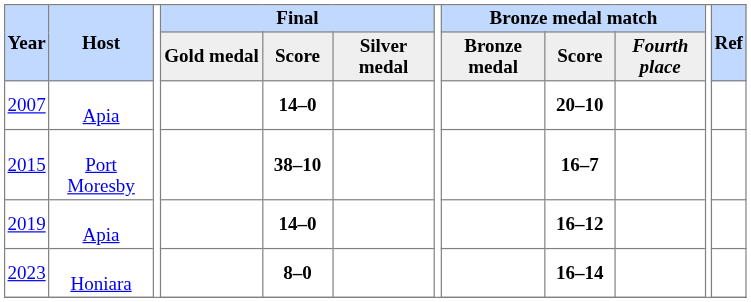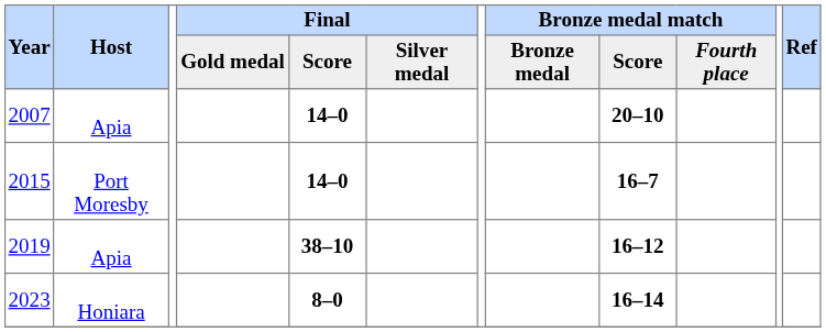 <table border=1 style="border-collapse:collapse; font-size:100%; width:100%; text-align:center" cellpadding=2 cellspacing=0>
 <tr bgcolor=#C1D8FF>
 <th rowspan=2 width=5%>Year</th>
 <th rowspan=2 width=15%>Host</th>
 <th width=1% rowspan=7 bgcolor=ffffff></th>
 <th colspan=3>Final</th>
 <th width=1% rowspan=7 bgcolor=ffffff></th>
 <th colspan=3>Bronze medal match</th>
 <th width=1% rowspan=7 bgcolor=ffffff></th>
 <th rowspan=2 width=5%>Ref</th>
 </tr>
 <tr bgcolor=#EFEFEF>
 <th width=15%>Gold medal</th>
 <th width=10%>Score</th>
 <th width=15%>Silver medal</th>
 <th width=15%>Bronze medal</th>
 <th width=10%>Score</th>
 <th width=15%><em>Fourth place</em></th>
 </tr>
 <tr>
 <td><a href='#'>2007</a></td>
 <td><br><a href='#'>Apia</a></td>
 <td> <strong></strong></td>
 <td><strong>14–0</strong></td>
 <td> <strong></strong></td>
 <td> <strong></strong></td>
 <td><strong>20–10</strong></td>
 <td> <strong></strong></td>
 <td align=center></td>
 </tr>
 <tr>
 <td><a href='#'>2015</a></td>
 <td><br><a href='#'>Port Moresby</a></td>
 <td> <strong></strong></td>
-<td><strong>38–10</strong></td>
+<td><strong>14–0</strong></td>
 <td> <strong></strong></td>
 <td> <strong></strong></td>
 <td><strong>16–7</strong></td>
 <td> <strong></strong></td>
 <td align=center></td>
 </tr>
 <tr>
 <td><a href='#'>2019</a></td>
 <td><br><a href='#'>Apia</a></td>
 <td> <strong></strong></td>
-<td><strong>14–0</strong></td>
+<td><strong>38–10</strong></td>
 <td> <strong></strong></td>
 <td> <strong></strong></td>
 <td><strong>16–12</strong></td>
 <td> <strong></strong></td>
 <td align=center></td>
 </tr>
 <tr>
 <td><a href='#'>2023</a></td>
 <td><br><a href='#'>Honiara</a></td>
 <td> <strong></strong></td>
 <td><strong>8–0</strong></td>
 <td> <strong></strong></td>
 <td> <strong></strong></td>
 <td><strong>16–14</strong></td>
 <td> <strong></strong></td>
 <td align=center></td>
 </tr>
 <tr>
 </tr>
 </table>
